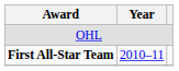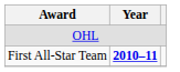 <table class="wikitable">
 <tr>
 <th>Award</th>
 <th>Year</th>
 <th></th>
 </tr>
 <tr ALIGN="center" bgcolor="#e0e0e0">
 <td colspan="3"><a href='#'>OHL</a></td>
 </tr>
 <tr>
-<td><strong>First All-Star Team</strong></td>
-<td><a href='#'>2010–11</a></td>
+<td>First All-Star Team</td>
+<td><strong><a href='#'>2010–11</a></strong></td>
 <td></td>
 </tr>
 <tr>
 </tr>
 </table>
